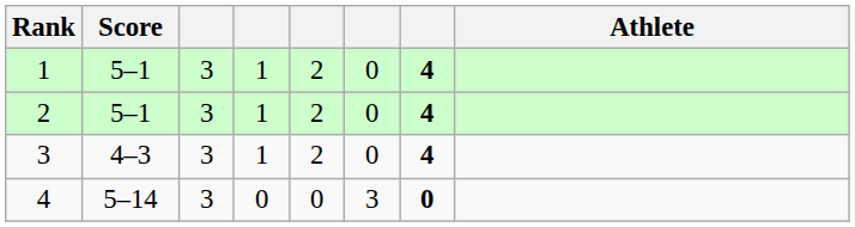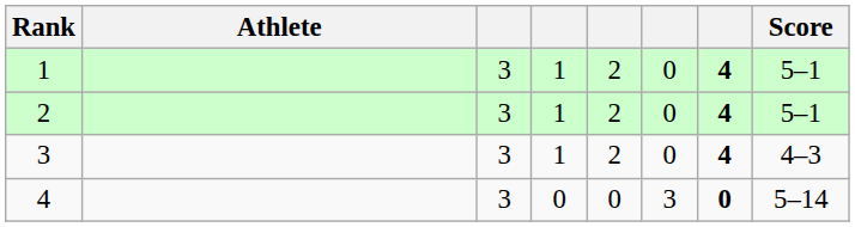 <table class="wikitable" style="text-align: center;">
 <tr>
 <th width=25>Rank</th>
-<th width=50>Score</th>
+<th width=225>Athlete</th>
 <th width=25></th>
 <th width=25></th>
 <th width=25></th>
 <th width=25></th>
 <th width=25></th>
-<th width=225>Athlete</th>
+<th width=50>Score</th>
 </tr>
 <tr bgcolor=ccffcc>
 <td>1</td>
-<td>5–1</td>
+<td align=left></td>
 <td>3</td>
 <td>1</td>
 <td>2</td>
 <td>0</td>
 <td><strong>4</strong></td>
-<td align=left></td>
+<td>5–1</td>
 </tr>
 <tr bgcolor=ccffcc>
 <td>2</td>
-<td>5–1</td>
+<td align=left></td>
 <td>3</td>
 <td>1</td>
 <td>2</td>
 <td>0</td>
 <td><strong>4</strong></td>
-<td align=left></td>
+<td>5–1</td>
 </tr>
 <tr>
 <td>3</td>
-<td>4–3</td>
+<td align=left></td>
 <td>3</td>
 <td>1</td>
 <td>2</td>
 <td>0</td>
 <td><strong>4</strong></td>
-<td align=left></td>
+<td>4–3</td>
 </tr>
 <tr>
 <td>4</td>
-<td>5–14</td>
+<td align=left></td>
 <td>3</td>
 <td>0</td>
 <td>0</td>
 <td>3</td>
 <td><strong>0</strong></td>
-<td align=left></td>
+<td>5–14</td>
 </tr>
 </table>
